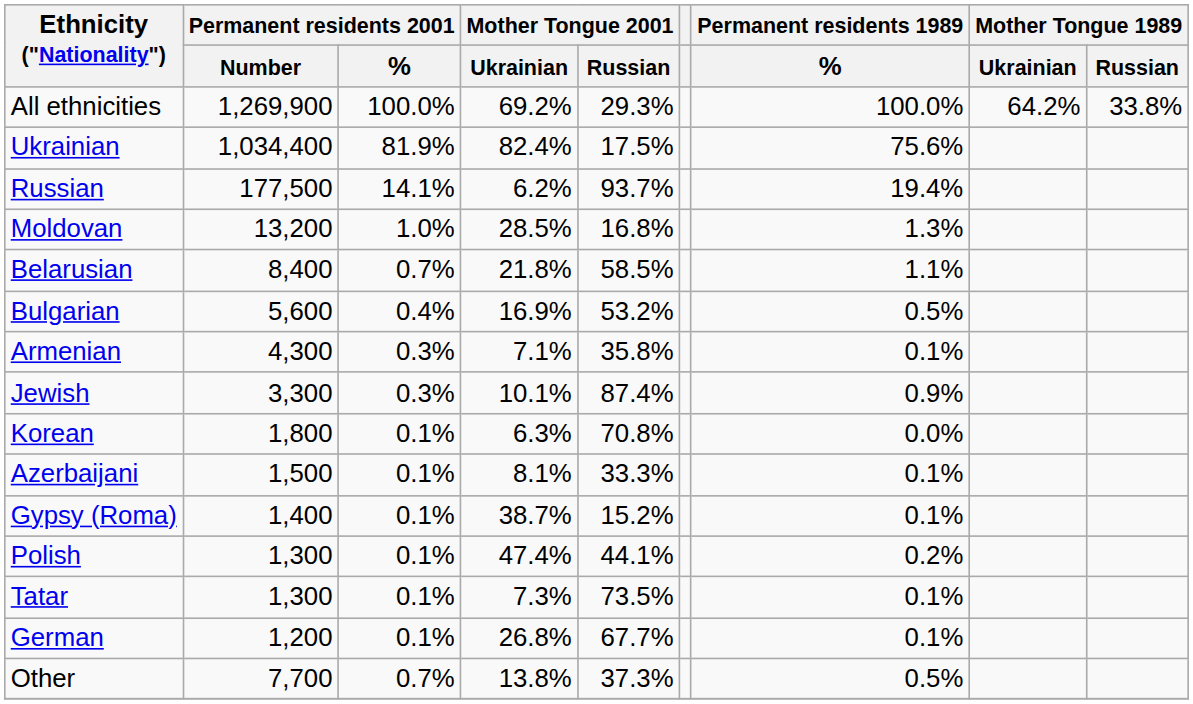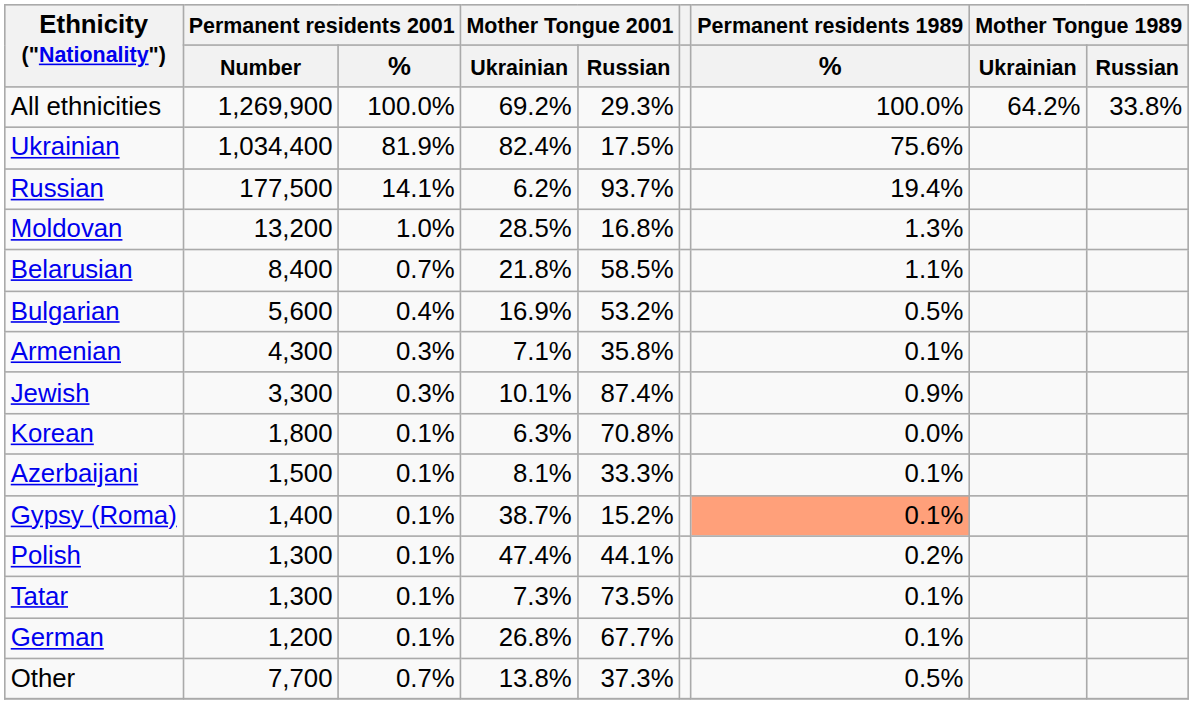 <table class="wikitable sortable">
 <tr style="background:#ececec; vertical-align:top;">
 <th rowspan=2>Ethnicity<br><small>("<a href='#'>Nationality</a>")</small></th>
 <th colspan=2><small>Permanent residents 2001</small></th>
 <th colspan=2><small>Mother Tongue 2001</small> </th>
 <th></th>
 <th><small>Permanent residents 1989</small></th>
 <th colspan=2><small>Mother Tongue 1989</small> </th>
 </tr>
 <tr style="background:#ececec; vertical-align:top;">
 <th><small>Number</small> </th>
 <th>% </th>
 <th><small>Ukrainian</small></th>
 <th><small>Russian</small></th>
 <th></th>
 <th>% </th>
 <th><small>Ukrainian</small></th>
 <th><small>Russian</small></th>
 </tr>
 <tr>
 <td align="left">All ethnicities </td>
 <td align="right">1,269,900</td>
 <td align="right">100.0%</td>
 <td align="right">69.2%</td>
 <td align="right">29.3%</td>
 <td></td>
 <td align="right">100.0%</td>
 <td align="right">64.2%</td>
 <td align="right">33.8%</td>
 </tr>
 <tr>
 <td align="left"><a href='#'>Ukrainian</a></td>
 <td align="right">1,034,400</td>
 <td align="right">81.9%</td>
 <td align="right">82.4%</td>
 <td align="right">17.5%</td>
 <td></td>
 <td align="right">75.6%</td>
 <td align="right"></td>
 <td align="right"></td>
 </tr>
 <tr>
 <td align="left"><a href='#'>Russian</a></td>
 <td align="right">177,500</td>
 <td align="right">14.1%</td>
 <td align="right">6.2%</td>
 <td align="right">93.7%</td>
 <td></td>
 <td align="right">19.4%</td>
 <td align="right"></td>
 <td align="right"></td>
 </tr>
 <tr>
 <td align="left"><a href='#'>Moldovan</a></td>
 <td align="right">13,200</td>
 <td align="right">1.0%</td>
 <td align="right">28.5%</td>
 <td align="right">16.8%</td>
 <td></td>
 <td align="right">1.3%</td>
 <td align="right"></td>
 <td align="right"></td>
 </tr>
 <tr>
 <td align="left"><a href='#'>Belarusian</a></td>
 <td align="right">8,400</td>
 <td align="right">0.7%</td>
 <td align="right">21.8%</td>
 <td align="right">58.5%</td>
 <td></td>
 <td align="right">1.1%</td>
 <td align="right"></td>
 <td align="right"></td>
 </tr>
 <tr>
 <td align="left"><a href='#'>Bulgarian</a></td>
 <td align="right">5,600</td>
 <td align="right">0.4%</td>
 <td align="right">16.9%</td>
 <td align="right">53.2%</td>
 <td></td>
 <td align="right">0.5%</td>
 <td align="right"></td>
 <td align="right"></td>
 </tr>
 <tr>
 <td align="left"><a href='#'>Armenian</a></td>
 <td align="right">4,300</td>
 <td align="right">0.3%</td>
 <td align="right">7.1%</td>
 <td align="right">35.8%</td>
 <td></td>
 <td align="right">0.1%</td>
 <td align="right"></td>
 <td align="right"></td>
 </tr>
 <tr>
 <td align="left"><a href='#'>Jewish</a></td>
 <td align="right">3,300</td>
 <td align="right">0.3%</td>
 <td align="right">10.1%</td>
 <td align="right">87.4%</td>
 <td></td>
 <td align="right">0.9%</td>
 <td align="right"></td>
 <td align="right"></td>
 </tr>
 <tr>
 <td align="left"><a href='#'>Korean</a></td>
 <td align="right">1,800</td>
 <td align="right">0.1%</td>
 <td align="right">6.3%</td>
 <td align="right">70.8%</td>
 <td></td>
 <td align="right">0.0%</td>
 <td align="right"></td>
 <td align="right"></td>
 </tr>
 <tr>
 <td align="left"><a href='#'>Azerbaijani</a></td>
 <td align="right">1,500</td>
 <td align="right">0.1%</td>
 <td align="right">8.1%</td>
 <td align="right">33.3%</td>
 <td></td>
 <td align="right">0.1%</td>
 <td align="right"></td>
 <td align="right"></td>
 </tr>
 <tr>
 <td align="left"><a href='#'>Gypsy (Roma)</a></td>
 <td align="right">1,400</td>
 <td align="right">0.1%</td>
 <td align="right">38.7%</td>
 <td align="right">15.2%</td>
 <td></td>
-<td align="right">0.1%</td>
+<td align="right" style="background: lightsalmon;">0.1%</td>
 <td align="right"></td>
 <td align="right"></td>
 </tr>
 <tr>
 <td align="left"><a href='#'>Polish</a></td>
 <td align="right">1,300</td>
 <td align="right">0.1%</td>
 <td align="right">47.4%</td>
 <td align="right">44.1%</td>
 <td></td>
 <td align="right">0.2%</td>
 <td align="right"></td>
 <td align="right"></td>
 </tr>
 <tr>
 <td align="left"><a href='#'>Tatar</a></td>
 <td align="right">1,300</td>
 <td align="right">0.1%</td>
 <td align="right">7.3%</td>
 <td align="right">73.5%</td>
 <td></td>
 <td align="right">0.1%</td>
 <td align="right"></td>
 <td align="right"></td>
 </tr>
 <tr>
 <td align="left"><a href='#'>German</a></td>
 <td align="right">1,200</td>
 <td align="right">0.1%</td>
 <td align="right">26.8%</td>
 <td align="right">67.7%</td>
 <td></td>
 <td align="right">0.1%</td>
 <td align="right"></td>
 <td align="right"></td>
 </tr>
 <tr>
 <td align="left">Other</td>
 <td align="right">7,700</td>
 <td align="right">0.7%</td>
 <td align="right">13.8%</td>
 <td align="right">37.3%</td>
 <td></td>
 <td align="right">0.5%</td>
 <td align="right"></td>
 <td align="right"></td>
 </tr>
 <tr>
 </tr>
 </table>
